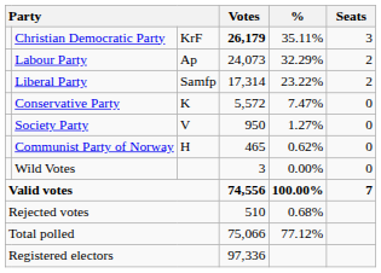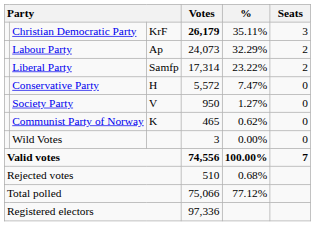 <table class="wikitable" border="1" style="text-align:right;">
 <tr>
 <th style="text-align:left;" colspan=3>Party</th>
 <th align=center width="50">Votes</th>
 <th align=center width="50">%</th>
 <th align=center width="50">Seats</th>
 </tr>
 <tr>
 <td style="color:inherit;background:"></td>
 <td align=left><a href='#'>Christian Democratic Party</a></td>
 <td align=left>KrF</td>
 <td><strong>26,179</strong></td>
 <td>35.11%</td>
 <td>3</td>
 </tr>
 <tr>
 <td style="color:inherit;background:"></td>
 <td align=left><a href='#'>Labour Party</a></td>
 <td align=left>Ap</td>
 <td>24,073</td>
 <td>32.29%</td>
 <td>2</td>
 </tr>
 <tr>
 <td style="color:inherit;background:"></td>
 <td align=left><a href='#'>Liberal Party</a></td>
 <td align=left>Samfp</td>
 <td>17,314</td>
 <td>23.22%</td>
 <td>2</td>
 </tr>
 <tr>
 <td style="color:inherit;background:"></td>
 <td align=left><a href='#'>Conservative Party</a></td>
-<td align=left>K</td>
+<td align=left>H</td>
 <td>5,572</td>
 <td>7.47%</td>
 <td>0</td>
 </tr>
 <tr>
 <td></td>
 <td align=left><a href='#'>Society Party</a></td>
 <td align=left>V</td>
 <td>950</td>
 <td>1.27%</td>
 <td>0</td>
 </tr>
 <tr>
 <td style="color:inherit;background:"></td>
 <td align=left><a href='#'>Communist Party of Norway</a></td>
-<td align=left>H</td>
+<td align=left>K</td>
 <td>465</td>
 <td>0.62%</td>
 <td>0</td>
 </tr>
 <tr>
 <td></td>
 <td align=left>Wild Votes</td>
 <td align=left></td>
 <td>3</td>
 <td>0.00%</td>
 <td>0</td>
 </tr>
 <tr style="font-weight:bold">
 <td align=left colspan=3>Valid votes</td>
 <td>74,556</td>
 <td>100.00%</td>
 <td>7</td>
 </tr>
 <tr>
 <td align=left colspan=3>Rejected votes</td>
 <td>510</td>
 <td>0.68%</td>
 <td></td>
 </tr>
 <tr>
 <td align=left colspan=3>Total polled</td>
 <td>75,066</td>
 <td>77.12%</td>
 <td></td>
 </tr>
 <tr>
 <td align=left colspan=3>Registered electors</td>
 <td>97,336</td>
 <td></td>
 <td></td>
 </tr>
 </table>
